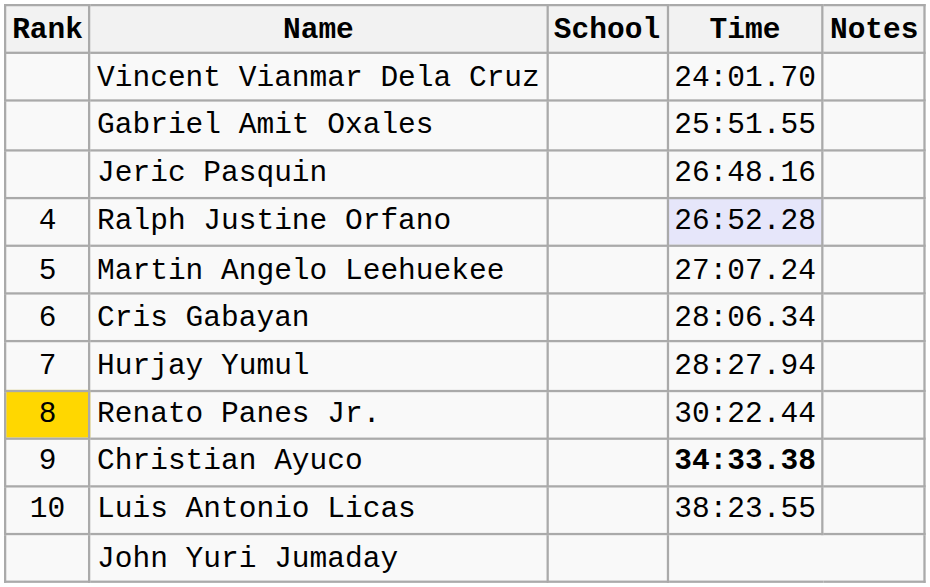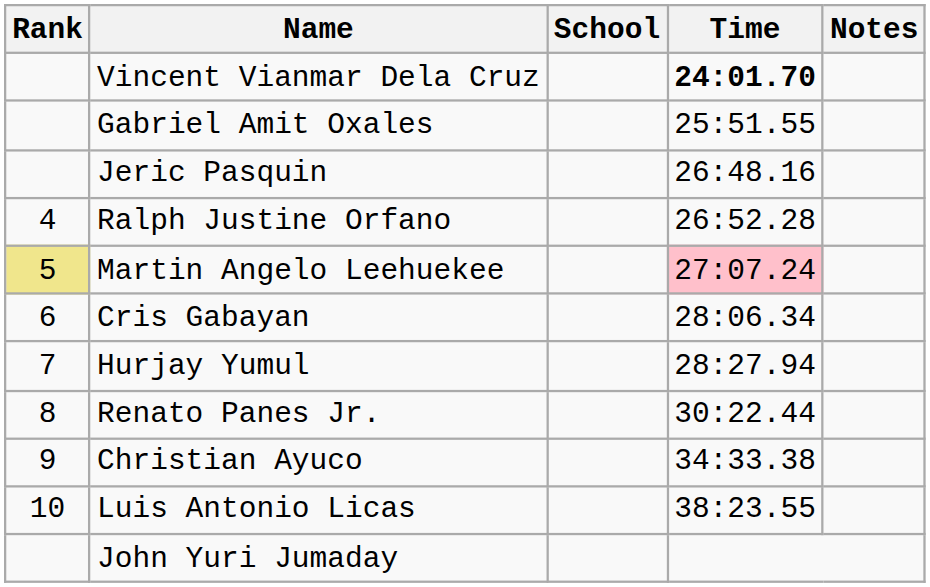 <table class="wikitable sortable" style="text-align:center">
 <tr>
 <th>Rank</th>
 <th>Name</th>
 <th>School</th>
 <th>Time</th>
 <th>Notes</th>
 </tr>
 <tr>
 <td></td>
 <td align=left>Vincent Vianmar Dela Cruz</td>
 <td align=left></td>
-<td>24:01.70</td>
+<td><strong>24:01.70</strong></td>
 <td></td>
 </tr>
 <tr>
 <td></td>
 <td align=left>Gabriel Amit Oxales</td>
 <td align=left></td>
 <td>25:51.55</td>
 <td></td>
 </tr>
 <tr>
 <td></td>
 <td align=left>Jeric Pasquin</td>
 <td align=left></td>
 <td>26:48.16</td>
 <td></td>
 </tr>
 <tr>
 <td>4</td>
 <td align=left>Ralph Justine Orfano</td>
 <td align=left></td>
-<td style="background: lavender;">26:52.28</td>
+<td>26:52.28</td>
 <td></td>
 </tr>
 <tr>
-<td>5</td>
+<td style="background: khaki;">5</td>
 <td align=left>Martin Angelo Leehuekee</td>
 <td align=left></td>
-<td>27:07.24</td>
+<td style="background: pink;">27:07.24</td>
 <td></td>
 </tr>
 <tr>
 <td>6</td>
 <td align=left>Cris Gabayan</td>
 <td align=left></td>
 <td>28:06.34</td>
 <td></td>
 </tr>
 <tr>
 <td>7</td>
 <td align=left>Hurjay Yumul</td>
 <td></td>
 <td>28:27.94</td>
 <td></td>
 </tr>
 <tr>
-<td style="background: gold;">8</td>
+<td>8</td>
 <td align=left>Renato Panes Jr.</td>
 <td align=left></td>
 <td>30:22.44</td>
 <td></td>
 </tr>
 <tr>
 <td>9</td>
 <td align=left>Christian Ayuco</td>
 <td></td>
-<td><strong>34:33.38</strong></td>
+<td>34:33.38</td>
 <td></td>
 </tr>
 <tr>
 <td>10</td>
 <td align=left>Luis Antonio Licas</td>
 <td align=left></td>
 <td>38:23.55</td>
 <td></td>
 </tr>
 <tr>
 <td rowspan=3></td>
 <td align=left>John Yuri Jumaday</td>
 <td align=left></td>
 <td rowspan=2 colspan=2></td>
 </tr>
 </table>
